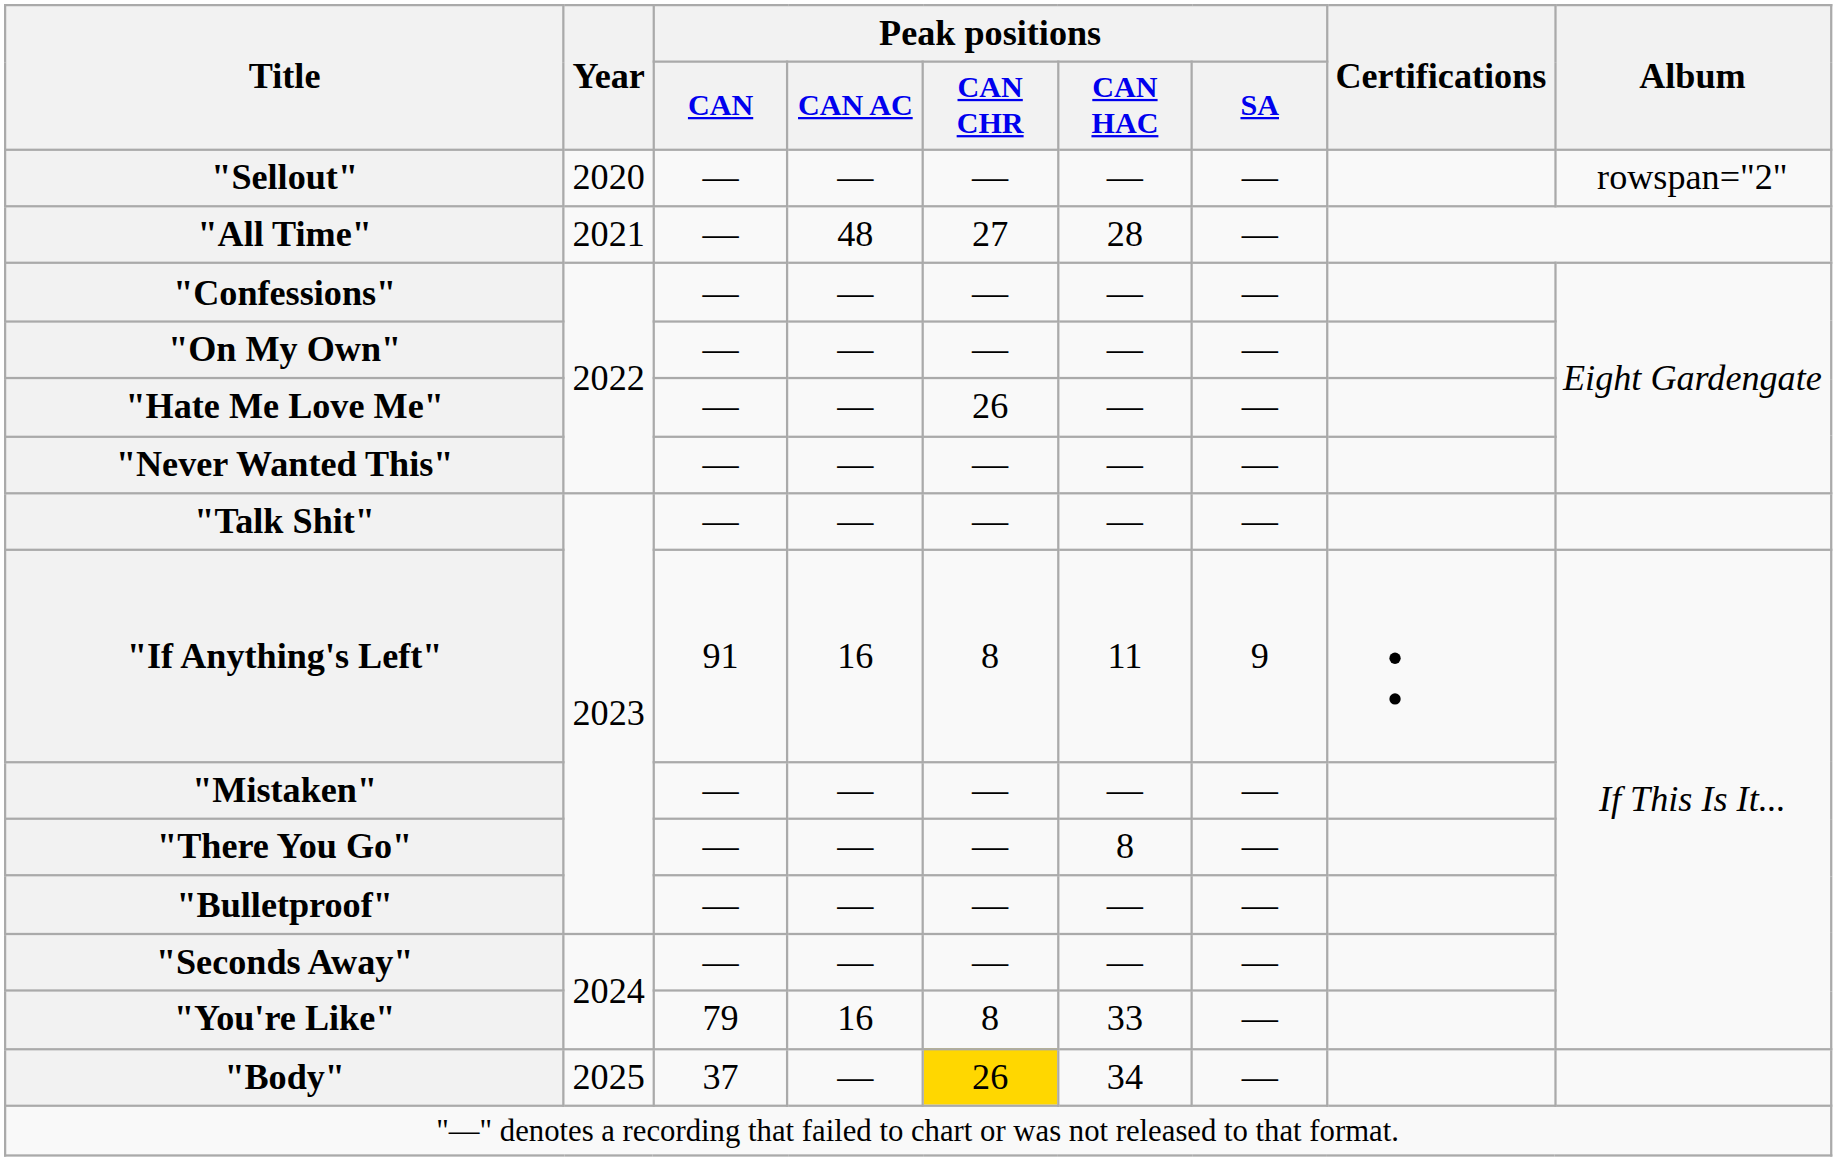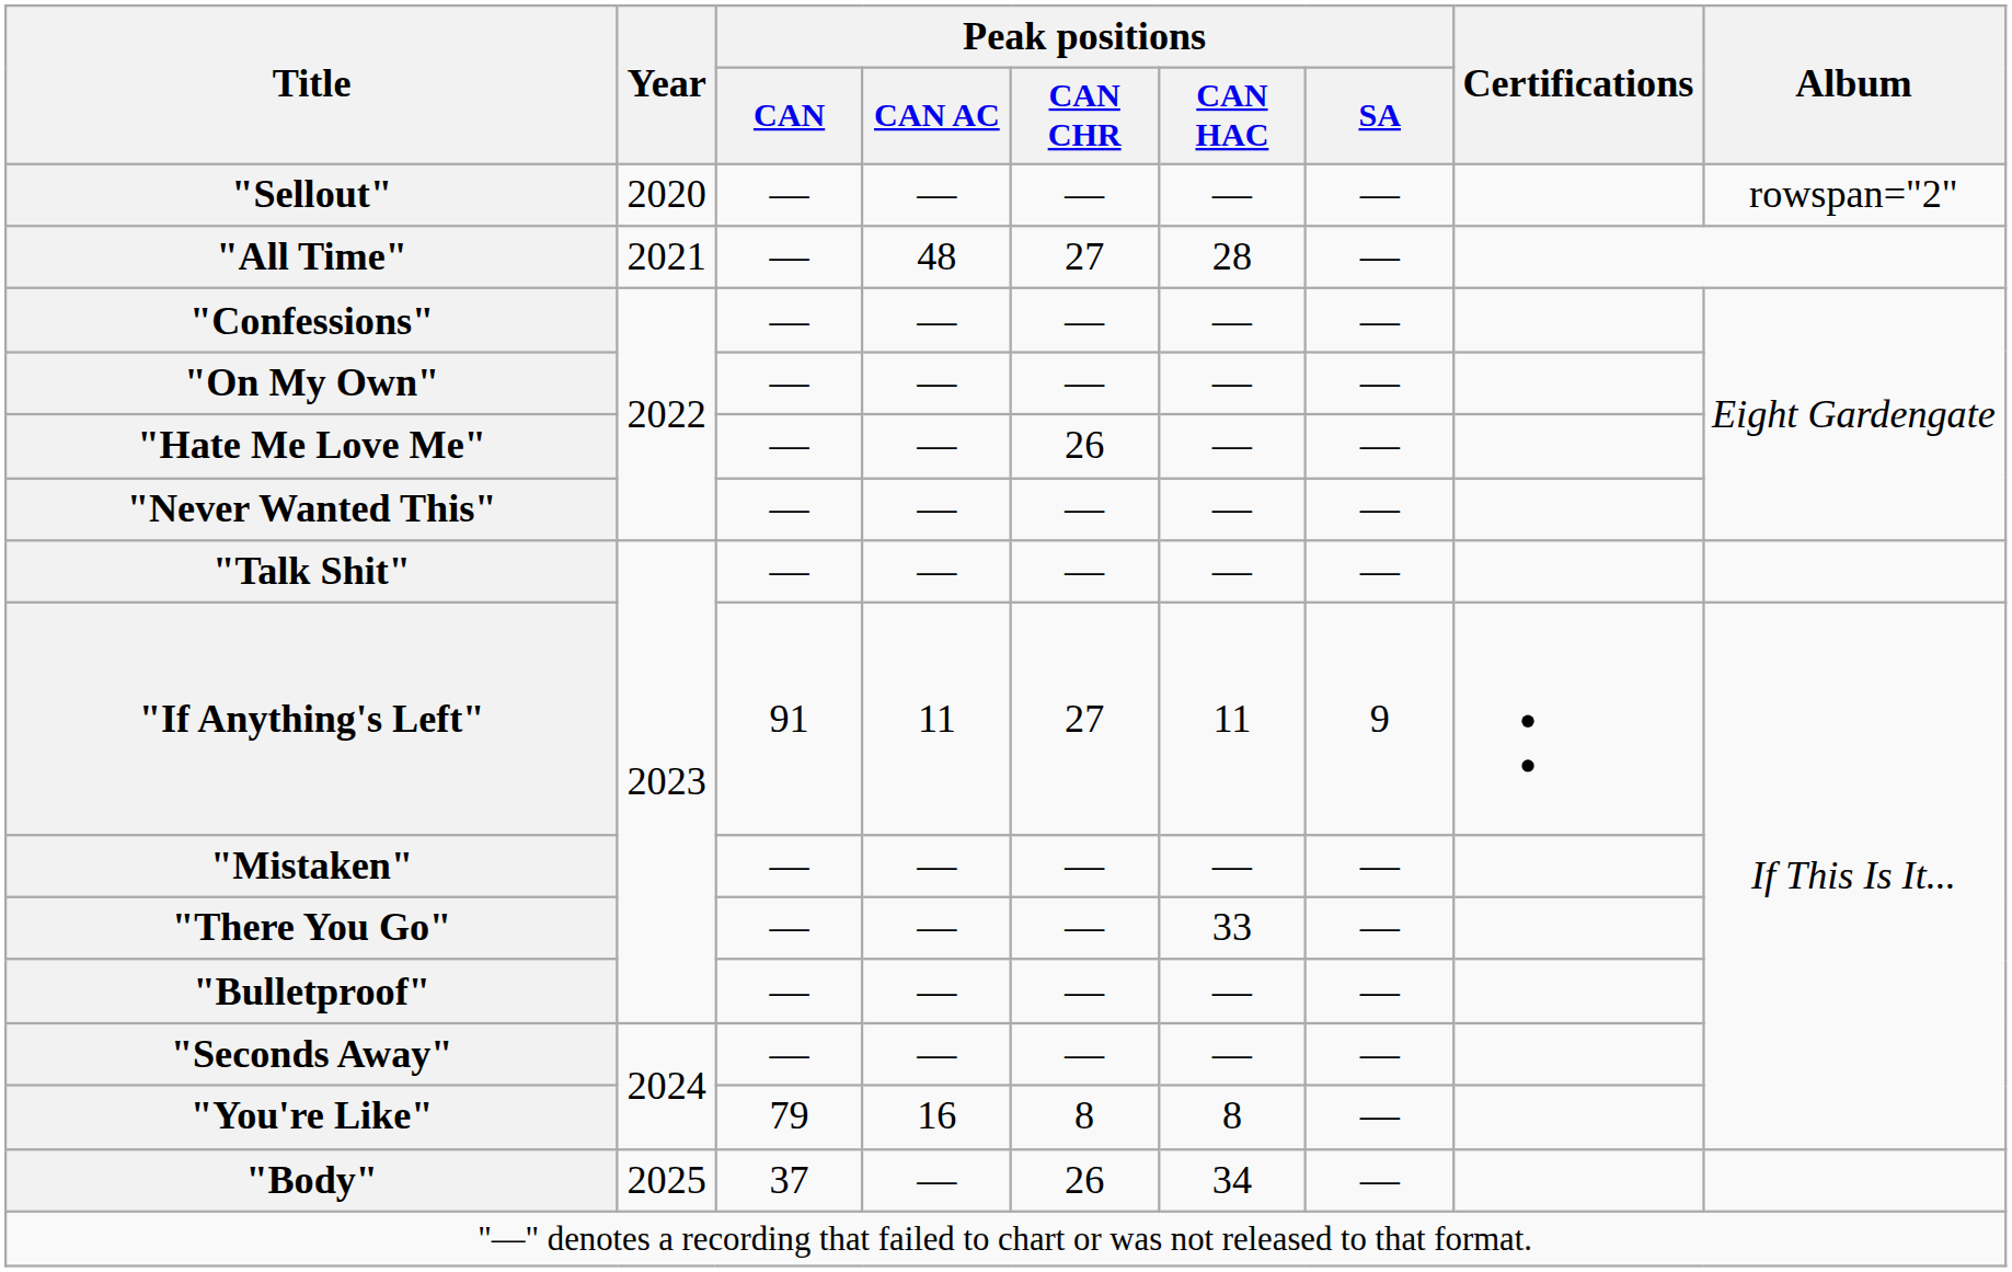 <table class="wikitable plainrowheaders" style="text-align:center;">
 <tr>
 <th rowspan="2" style="width:15em;">Title</th>
 <th rowspan="2">Year</th>
 <th colspan="5">Peak positions</th>
 <th rowspan="2">Certifications</th>
 <th rowspan="2">Album</th>
 </tr>
 <tr style="font-size:smaller;">
 <th style="width:4em;"><a href='#'>CAN</a><br></th>
 <th style="width:4em;"><a href='#'>CAN AC</a><br></th>
 <th style="width:4em;"><a href='#'>CAN CHR</a><br></th>
 <th style="width:4em;"><a href='#'>CAN HAC</a><br></th>
 <th style="width:4em;"><a href='#'>SA</a><br></th>
 </tr>
 <tr>
 <th scope="row">"Sellout"</th>
 <td>2020</td>
 <td>—</td>
 <td>—</td>
 <td>—</td>
 <td>—</td>
 <td>—</td>
 <td></td>
 <td>rowspan="2" </td>
 </tr>
 <tr>
 <th scope="row">"All Time"<br></th>
 <td>2021</td>
 <td>—</td>
 <td>48</td>
 <td>27</td>
 <td>28</td>
 <td>—</td>
 </tr>
 <tr>
 <th scope="row">"Confessions"</th>
 <td rowspan="4">2022</td>
 <td>—</td>
 <td>—</td>
 <td>—</td>
 <td>—</td>
 <td>—</td>
 <td></td>
 <td rowspan="4"><em>Eight Gardengate</em></td>
 </tr>
 <tr>
 <th scope="row">"On My Own"</th>
 <td>—</td>
 <td>—</td>
 <td>—</td>
 <td>—</td>
 <td>—</td>
 <td></td>
 </tr>
 <tr>
 <th scope="row">"Hate Me Love Me"</th>
 <td>—</td>
 <td>—</td>
 <td>26</td>
 <td>—</td>
 <td>—</td>
 <td></td>
 </tr>
 <tr>
 <th scope="row">"Never Wanted This"<br></th>
 <td>—</td>
 <td>—</td>
 <td>—</td>
 <td>—</td>
 <td>—</td>
 <td></td>
 </tr>
 <tr>
 <th scope="row">"Talk Shit"</th>
 <td rowspan="5">2023</td>
 <td>—</td>
 <td>—</td>
 <td>—</td>
 <td>—</td>
 <td>—</td>
 <td></td>
 <td></td>
 </tr>
 <tr>
 <th scope="row">"If Anything's Left"</th>
 <td>91</td>
-<td>16</td>
-<td>8</td>
+<td>11</td>
+<td>27</td>
 <td>11</td>
 <td>9</td>
 <td><br><ul><li></li><li></li></ul></td>
 <td rowspan="6"><em>If This Is It...</em></td>
 </tr>
 <tr>
 <th scope="row">"Mistaken"</th>
 <td>—</td>
 <td>—</td>
 <td>—</td>
 <td>—</td>
 <td>—</td>
 <td></td>
 </tr>
 <tr>
 <th scope="row">"There You Go"</th>
 <td>—</td>
 <td>—</td>
 <td>—</td>
-<td>8</td>
+<td>33</td>
 <td>—</td>
 <td></td>
 </tr>
 <tr>
 <th scope="row">"Bulletproof"</th>
 <td>—</td>
 <td>—</td>
 <td>—</td>
 <td>—</td>
 <td>—</td>
 <td></td>
 </tr>
 <tr>
 <th scope="row">"Seconds Away"</th>
 <td rowspan="2">2024</td>
 <td>—</td>
 <td>—</td>
 <td>—</td>
 <td>—</td>
 <td>—</td>
 <td></td>
 </tr>
 <tr>
 <th scope="row">"You're Like"</th>
 <td>79</td>
 <td>16</td>
 <td>8</td>
-<td>33</td>
+<td>8</td>
 <td>—</td>
 <td></td>
 </tr>
 <tr>
 <th scope="row">"Body"<br></th>
 <td>2025</td>
 <td>37</td>
 <td>—</td>
-<td style="background: gold;">26</td>
+<td>26</td>
 <td>34</td>
 <td>—</td>
 <td></td>
 <td></td>
 </tr>
 <tr>
 <td colspan="9" style="font-size:85%;">"—" denotes a recording that failed to chart or was not released to that format.</td>
 </tr>
 </table>
